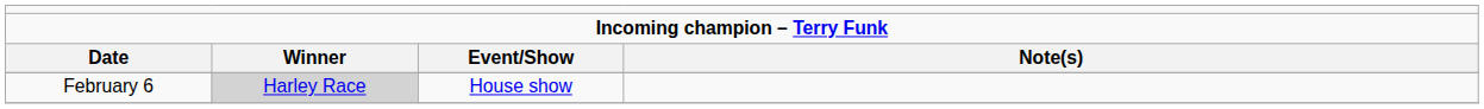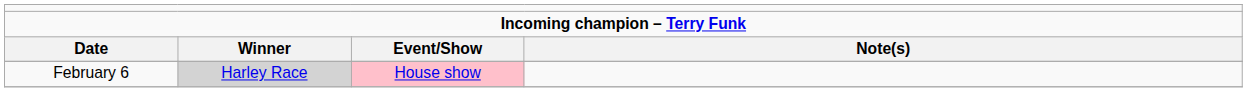 <table class="wikitable" style="text-align:center; width:100%;">
 <tr>
 <td colspan="5"></td>
 </tr>
 <tr>
 <td colspan="5"><strong>Incoming champion – <a href='#'>Terry Funk</a></strong></td>
 </tr>
 <tr>
 <th width=14%>Date</th>
 <th width=14%>Winner</th>
 <th width=14%>Event/Show</th>
 <th width=58%>Note(s)</th>
 </tr>
 <tr>
 </tr>
 <tr>
 <td>February 6</td>
 <td style="background: lightgrey;"><a href='#'>Harley Race</a></td>
-<td><a href='#'>House show</a></td>
+<td style="background: pink;"><a href='#'>House show</a></td>
 <td></td>
 </tr>
 <tr>
 </tr>
 </table>
